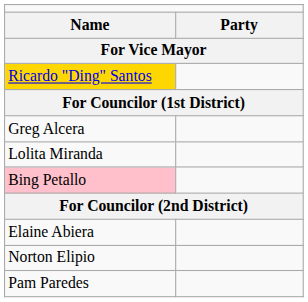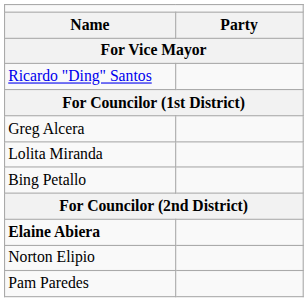 <table class="wikitable" style="font-size:90%">
 <tr>
 <td colspan="4" style="color:inherit;background:"></td>
 </tr>
 <tr>
 <th width="150px">Name</th>
 <th colspan="2" width="110px">Party</th>
 </tr>
 <tr>
 <th colspan="3">For Vice Mayor</th>
 </tr>
 <tr>
-<td style="background: gold;"><a href='#'>Ricardo "Ding" Santos</a></td>
+<td><a href='#'>Ricardo "Ding" Santos</a></td>
 <td></td>
 </tr>
 <tr>
 <th colspan="3">For Councilor (1st District)</th>
 </tr>
 <tr>
 <td>Greg Alcera</td>
 <td></td>
 </tr>
 <tr>
 <td>Lolita Miranda</td>
 <td></td>
 </tr>
 <tr>
-<td style="background: pink;">Bing Petallo</td>
+<td>Bing Petallo</td>
 <td></td>
 </tr>
 <tr>
 <th colspan="3">For Councilor (2nd District)</th>
 </tr>
 <tr>
-<td>Elaine Abiera</td>
+<td><strong>Elaine Abiera</strong></td>
 <td></td>
 </tr>
 <tr>
 <td>Norton Elipio</td>
 <td></td>
 </tr>
 <tr>
 <td>Pam Paredes</td>
 <td></td>
 </tr>
 </table>
